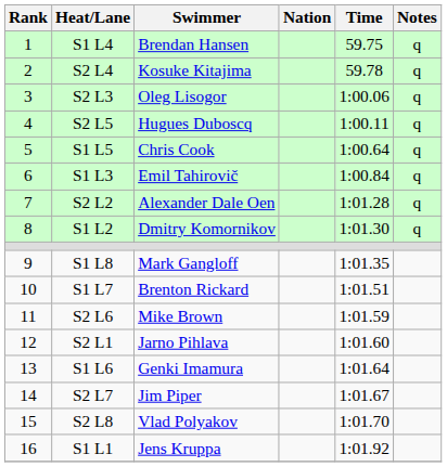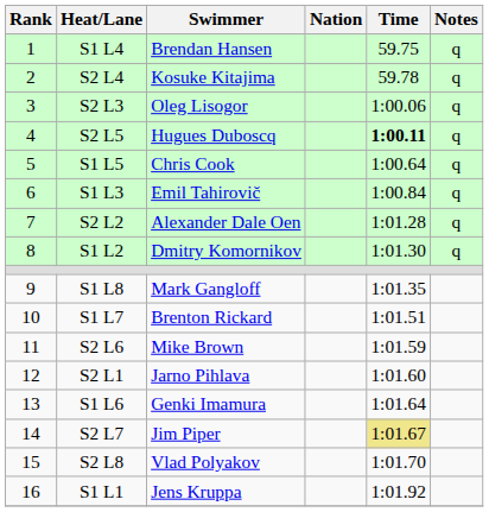 <table class="wikitable sortable" style="text-align:center">
 <tr>
 <th>Rank</th>
 <th>Heat/Lane</th>
 <th>Swimmer</th>
 <th>Nation</th>
 <th>Time</th>
 <th>Notes</th>
 </tr>
 <tr bgcolor=ccffcc>
 <td>1</td>
 <td>S1 L4</td>
 <td align=left><a href='#'>Brendan Hansen</a></td>
 <td align=left></td>
 <td>59.75</td>
 <td>q</td>
 </tr>
 <tr bgcolor=ccffcc>
 <td>2</td>
 <td>S2 L4</td>
 <td align=left><a href='#'>Kosuke Kitajima</a></td>
 <td align=left></td>
 <td>59.78</td>
 <td>q</td>
 </tr>
 <tr bgcolor=ccffcc>
 <td>3</td>
 <td>S2 L3</td>
 <td align=left><a href='#'>Oleg Lisogor</a></td>
 <td align=left></td>
 <td>1:00.06</td>
 <td>q</td>
 </tr>
 <tr bgcolor=ccffcc>
 <td>4</td>
 <td>S2 L5</td>
 <td align=left><a href='#'>Hugues Duboscq</a></td>
 <td align=left></td>
-<td>1:00.11</td>
+<td><strong>1:00.11</strong></td>
 <td>q</td>
 </tr>
 <tr bgcolor=ccffcc>
 <td>5</td>
 <td>S1 L5</td>
 <td align=left><a href='#'>Chris Cook</a></td>
 <td align=left></td>
 <td>1:00.64</td>
 <td>q</td>
 </tr>
 <tr bgcolor=ccffcc>
 <td>6</td>
 <td>S1 L3</td>
 <td align=left><a href='#'>Emil Tahirovič</a></td>
 <td align=left></td>
 <td>1:00.84</td>
 <td>q</td>
 </tr>
 <tr bgcolor=ccffcc>
 <td>7</td>
 <td>S2 L2</td>
 <td align=left><a href='#'>Alexander Dale Oen</a></td>
 <td align=left></td>
 <td>1:01.28</td>
 <td>q</td>
 </tr>
 <tr bgcolor=ccffcc>
 <td>8</td>
 <td>S1 L2</td>
 <td align=left><a href='#'>Dmitry Komornikov</a></td>
 <td align=left></td>
 <td>1:01.30</td>
 <td>q</td>
 </tr>
 <tr bgcolor=#DDDDDD>
 <td colspan=6></td>
 </tr>
 <tr>
 <td>9</td>
 <td>S1 L8</td>
 <td align=left><a href='#'>Mark Gangloff</a></td>
 <td align=left></td>
 <td>1:01.35</td>
 <td></td>
 </tr>
 <tr>
 <td>10</td>
 <td>S1 L7</td>
 <td align=left><a href='#'>Brenton Rickard</a></td>
 <td align=left></td>
 <td>1:01.51</td>
 <td></td>
 </tr>
 <tr>
 <td>11</td>
 <td>S2 L6</td>
 <td align=left><a href='#'>Mike Brown</a></td>
 <td align=left></td>
 <td>1:01.59</td>
 <td></td>
 </tr>
 <tr>
 <td>12</td>
 <td>S2 L1</td>
 <td align=left><a href='#'>Jarno Pihlava</a></td>
 <td align=left></td>
 <td>1:01.60</td>
 <td></td>
 </tr>
 <tr>
 <td>13</td>
 <td>S1 L6</td>
 <td align=left><a href='#'>Genki Imamura</a></td>
 <td align=left></td>
 <td>1:01.64</td>
 <td></td>
 </tr>
 <tr>
 <td>14</td>
 <td>S2 L7</td>
 <td align=left><a href='#'>Jim Piper</a></td>
 <td align=left></td>
-<td>1:01.67</td>
+<td style="background: khaki;">1:01.67</td>
 <td></td>
 </tr>
 <tr>
 <td>15</td>
 <td>S2 L8</td>
 <td align=left><a href='#'>Vlad Polyakov</a></td>
 <td align=left></td>
 <td>1:01.70</td>
 <td></td>
 </tr>
 <tr>
 <td>16</td>
 <td>S1 L1</td>
 <td align=left><a href='#'>Jens Kruppa</a></td>
 <td align=left></td>
 <td>1:01.92</td>
 <td></td>
 </tr>
 <tr>
 </tr>
 </table>
